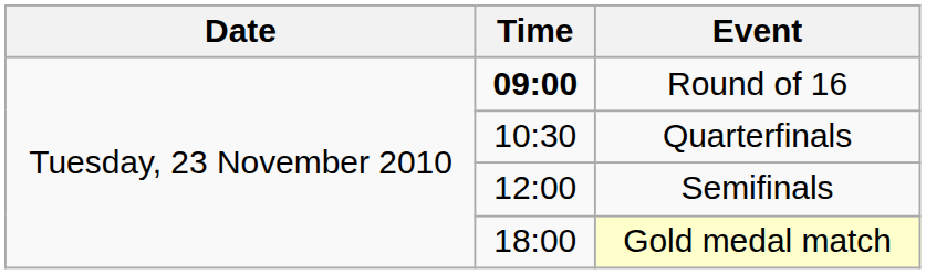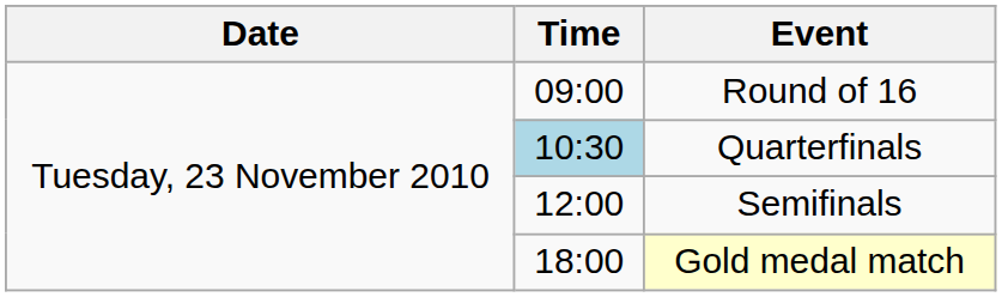 <table class = "wikitable" style="text-align:center;">
 <tr>
 <th width=220>Date</th>
 <th width=50>Time</th>
 <th width=150>Event</th>
 </tr>
 <tr>
 <td rowspan=4>Tuesday, 23 November 2010</td>
-<td><strong>09:00</strong></td>
+<td>09:00</td>
 <td>Round of 16</td>
 </tr>
 <tr>
-<td>10:30</td>
+<td style="background: lightblue;">10:30</td>
 <td>Quarterfinals</td>
 </tr>
 <tr>
 <td>12:00</td>
 <td>Semifinals</td>
 </tr>
 <tr>
 <td>18:00</td>
 <td bgcolor=ffffcc>Gold medal match</td>
 </tr>
 </table>
